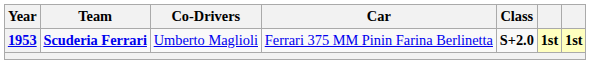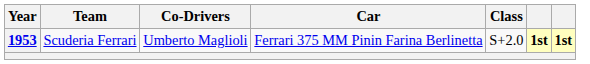 <table class="wikitable" style="text-align:center; font-size:90%">
 <tr>
 <th>Year</th>
 <th>Team</th>
 <th>Co-Drivers</th>
 <th>Car</th>
 <th>Class</th>
 <th></th>
 <th></th>
 </tr>
 <tr>
 <th><a href='#'>1953</a></th>
-<td align="left"><strong> <a href='#'>Scuderia Ferrari</a></strong></td>
+<td align="left"> <a href='#'>Scuderia Ferrari</a></td>
 <td align="left"> <a href='#'>Umberto Maglioli</a></td>
 <td align="left"><a href='#'>Ferrari 375 MM Pinin Farina Berlinetta</a></td>
-<td><strong>S+2.0</strong></td>
+<td>S+2.0</td>
 <td style="background:#ffffbf;"><strong>1st</strong></td>
 <td style="background:#ffffbf;"><strong>1st</strong></td>
 </tr>
 <tr>
 <th colspan="7"></th>
 </tr>
 </table>
